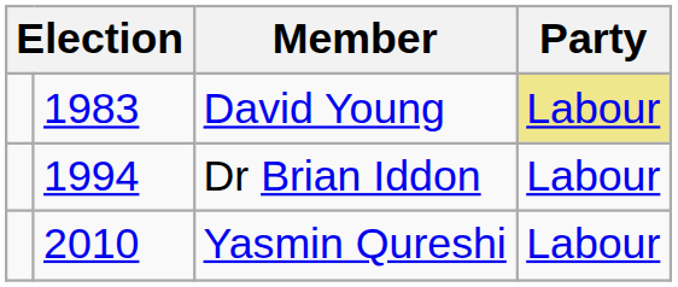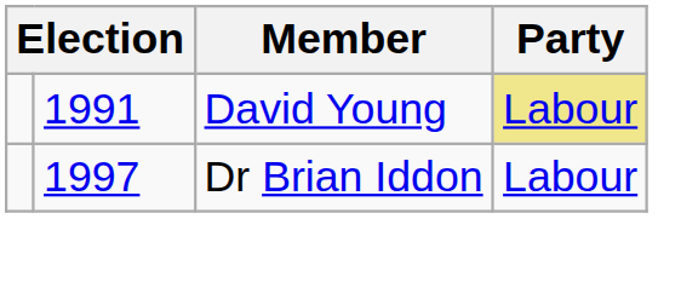 <table class="wikitable">
 <tr>
 <th colspan=2>Election</th>
 <th>Member</th>
 <th>Party</th>
 </tr>
 <tr>
 <td style="color:inherit;background-color: "></td>
-<td><a href='#'>1983</a></td>
+<td><a href='#'>1991</a></td>
 <td><a href='#'>David Young</a></td>
 <td style="background: khaki;"><a href='#'>Labour</a></td>
 </tr>
 <tr>
 <td style="color:inherit;background-color: "></td>
-<td><a href='#'>1994</a></td>
+<td><a href='#'>1997</a></td>
 <td>Dr <a href='#'>Brian Iddon</a></td>
 <td><a href='#'>Labour</a></td>
 </tr>
-<tr>
-<td style="color:inherit;background-color: "></td>
-<td><a href='#'>2010</a></td>
-<td><a href='#'>Yasmin Qureshi</a></td>
-<td><a href='#'>Labour</a></td>
-</tr>
 </table>
